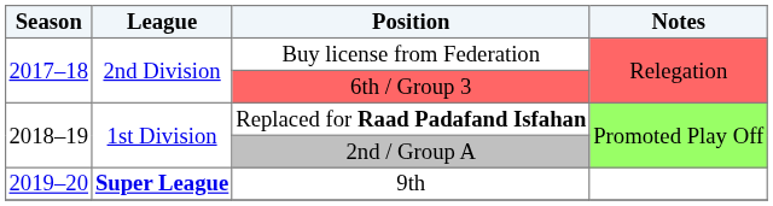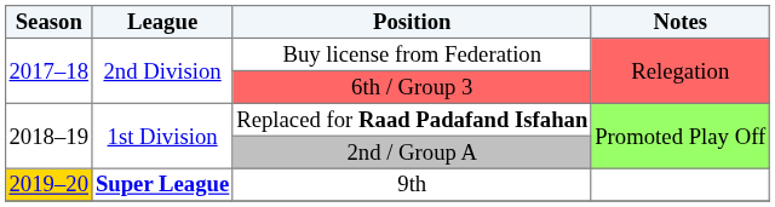 <table border="1" cellpadding="2" style="border-collapse:collapse; text-align:center; font-size:normal;">
 <tr style="background:#f0f6fa;">
 <th>Season</th>
 <th>League</th>
 <th>Position</th>
 <th>Notes</th>
 </tr>
 <tr>
 <td rowspan=2><a href='#'>2017–18</a></td>
 <td rowspan=2><a href='#'>2nd Division</a></td>
 <td>Buy license from Federation</td>
 <td rowspan=2 bgcolor=FF6666>Relegation</td>
 </tr>
 <tr>
 <td bgcolor=FF6666>6th / Group 3</td>
 </tr>
 <tr>
 <td rowspan=2>2018–19</td>
 <td rowspan=2><a href='#'>1st Division</a></td>
 <td>Replaced for <strong>Raad Padafand Isfahan</strong></td>
 <td rowspan=2 bgcolor=99FF66>Promoted Play Off</td>
 </tr>
 <tr>
 <td bgcolor=silver>2nd / Group A</td>
 </tr>
 <tr>
-<td><a href='#'>2019–20</a></td>
+<td style="background: gold;"><a href='#'>2019–20</a></td>
 <td><strong><a href='#'>Super League</a></strong></td>
 <td>9th</td>
 <td></td>
 </tr>
 <tr>
 </tr>
 </table>
